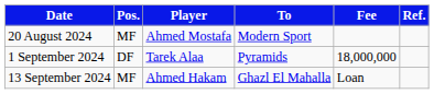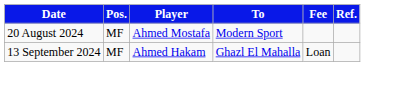 <table class="wikitable plainrowheaders sortable">
 <tr>
 <th style="background:#0918e8; color:#ffffff; ">Date</th>
 <th style="background:#0918e8; color:#ffffff; ">Pos.</th>
 <th style="background:#0918e8; color:#ffffff; ">Player</th>
 <th style="background:#0918e8; color:#ffffff; ">To</th>
 <th style="background:#0918e8; color:#ffffff; ">Fee</th>
 <th style="background:#0918e8; color:#ffffff; ">Ref.</th>
 </tr>
 <tr>
 <td>20 August 2024</td>
 <td>MF</td>
 <td> <a href='#'>Ahmed Mostafa</a></td>
 <td> <a href='#'>Modern Sport</a></td>
 <td></td>
 <td></td>
 </tr>
 <tr>
-<td>1 September 2024</td>
-<td>DF</td>
-<td> <a href='#'>Tarek Alaa</a></td>
-<td> <a href='#'>Pyramids</a></td>
-<td>18,000,000 </td>
-<td></td>
-</tr>
-<tr>
 <td>13 September 2024</td>
 <td>MF</td>
 <td> <a href='#'>Ahmed Hakam</a></td>
 <td> <a href='#'>Ghazl El Mahalla</a></td>
 <td>Loan</td>
 <td></td>
 </tr>
 </table>
